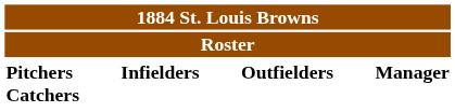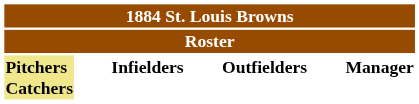 <table class="toccolours" style="font-size: 95%;">
 <tr>
 <th colspan="10" style="background-color: #964B00; color: white; text-align: center;">1884 St. Louis Browns</th>
 </tr>
 <tr>
 <td colspan="10" style="background-color: #964B00; color: white; text-align: center;"><strong>Roster</strong></td>
 </tr>
 <tr>
-<td valign="top"><strong>Pitchers</strong><br>   <strong>Catchers</strong>    </td>
+<td valign="top" style="background: khaki;"><strong>Pitchers</strong><br>   <strong>Catchers</strong>    </td>
 <td width="25px"></td>
 <td valign="top"><strong>Infielders</strong><br>     </td>
 <td width="25px"></td>
 <td valign="top"><strong>Outfielders</strong><br>         </td>
 <td width="25px"></td>
 <td valign="top"><strong>Manager</strong><br> </td>
 </tr>
 </table>
